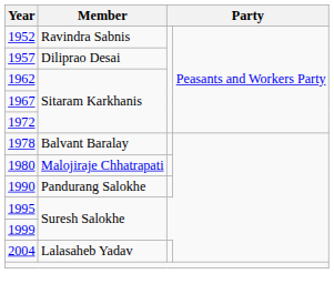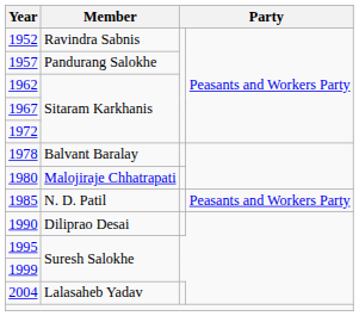 <table class="wikitable">
 <tr>
 <th>Year</th>
 <th>Member</th>
 <th colspan="2">Party</th>
 </tr>
 <tr>
 <td><a href='#'>1952</a></td>
 <td>Ravindra Sabnis</td>
 <td rowspan="5" style="background-color: "></td>
 <td rowspan="5"><a href='#'>Peasants and Workers Party</a></td>
 </tr>
 <tr>
 <td><a href='#'>1957</a></td>
-<td>Diliprao Desai</td>
+<td>Pandurang Salokhe</td>
 </tr>
 <tr>
 <td><a href='#'>1962</a></td>
 <td rowspan="3">Sitaram Karkhanis</td>
 </tr>
 <tr>
 <td><a href='#'>1967</a></td>
 </tr>
 <tr>
 <td><a href='#'>1972</a></td>
 </tr>
 <tr>
 <td><a href='#'>1978</a></td>
 <td>Balvant Baralay</td>
 <td></td>
 </tr>
 <tr>
 <td><a href='#'>1980</a></td>
 <td><a href='#'>Malojiraje Chhatrapati</a></td>
 <td></td>
 </tr>
 <tr>
+<td><a href='#'>1985</a></td>
+<td>N. D. Patil</td>
+<td style="background-color: "></td>
+<td><a href='#'>Peasants and Workers Party</a></td>
+</tr>
+<tr>
 <td><a href='#'>1990</a></td>
-<td>Pandurang Salokhe</td>
+<td>Diliprao Desai</td>
 <td></td>
 </tr>
 <tr>
 <td><a href='#'>1995</a></td>
 <td rowspan="2">Suresh Salokhe</td>
 </tr>
 <tr>
 <td><a href='#'>1999</a></td>
 </tr>
 <tr>
 <td><a href='#'>2004</a></td>
 <td>Lalasaheb Yadav</td>
 <td></td>
 </tr>
 <tr>
 <td colspan="4"></td>
 </tr>
 </table>
